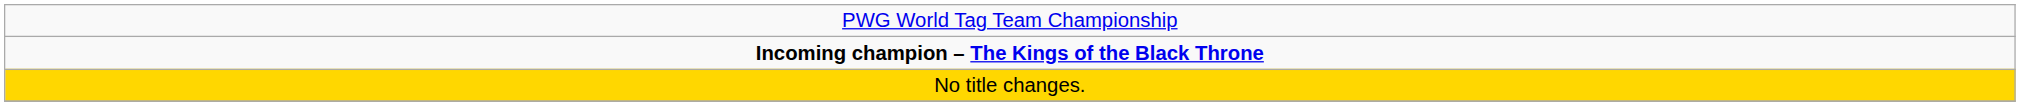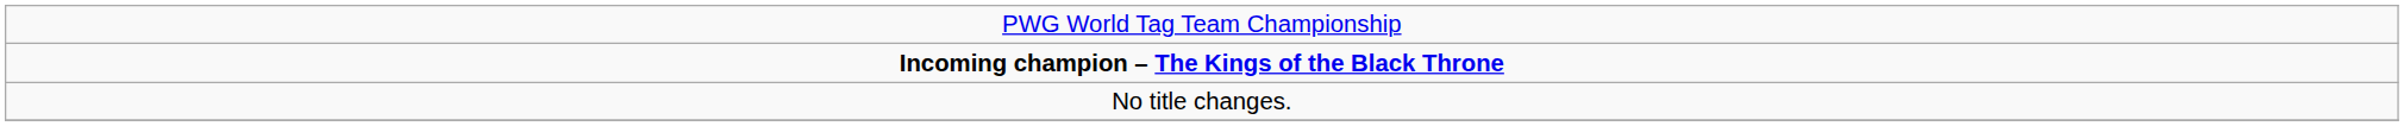 <table class="wikitable" style="text-align:center; width:100%;">
 <tr>
 <td colspan="5" style="text-align: center;"><a href='#'>PWG World Tag Team Championship</a></td>
 </tr>
 <tr>
 <td colspan="5" style="text-align: center;"><strong>Incoming champion – <a href='#'>The Kings of the Black Throne</a> </strong></td>
 </tr>
 <tr>
-<td style="background: gold;">No title changes.</td>
+<td>No title changes.</td>
 </tr>
 <tr>
 </tr>
 </table>
